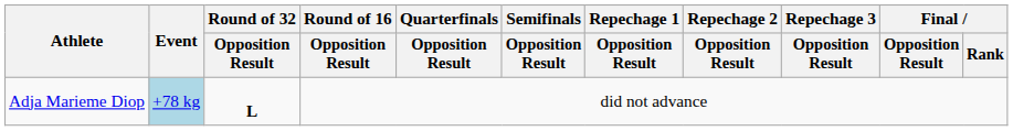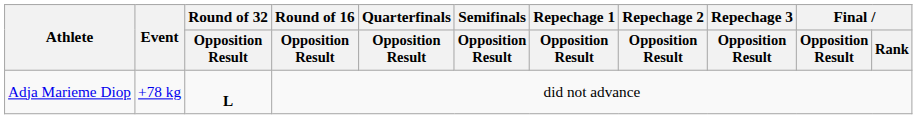 <table class="wikitable" style="font-size:90%">
 <tr>
 <th rowspan="2">Athlete</th>
 <th rowspan="2">Event</th>
 <th>Round of 32</th>
 <th>Round of 16</th>
 <th>Quarterfinals</th>
 <th>Semifinals</th>
 <th>Repechage 1</th>
 <th>Repechage 2</th>
 <th>Repechage 3</th>
 <th colspan=2>Final / </th>
 </tr>
 <tr style="font-size:95%">
 <th>Opposition<br>Result</th>
 <th>Opposition<br>Result</th>
 <th>Opposition<br>Result</th>
 <th>Opposition<br>Result</th>
 <th>Opposition<br>Result</th>
 <th>Opposition<br>Result</th>
 <th>Opposition<br>Result</th>
 <th>Opposition<br>Result</th>
 <th>Rank</th>
 </tr>
 <tr align=center>
 <td align=left><a href='#'>Adja Marieme Diop</a></td>
-<td align=left style="background: lightblue;"><a href='#'>+78 kg</a></td>
+<td align=left><a href='#'>+78 kg</a></td>
 <td><br><strong>L</strong></td>
 <td colspan=8>did not advance</td>
 </tr>
 </table>
